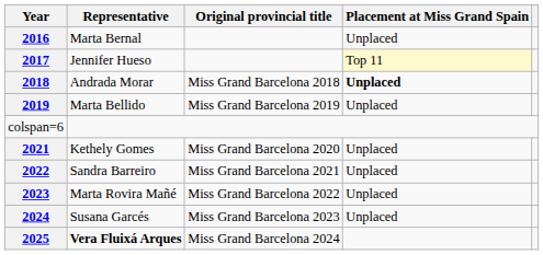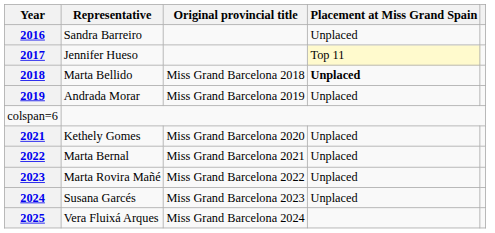 <table class="wikitable defaultcenter col2left" style="font-size:95%;">
 <tr>
 <th>Year</th>
 <th>Representative</th>
 <th>Original provincial title</th>
 <th>Placement at Miss Grand Spain</th>
 <th></th>
 </tr>
 <tr>
 <th><a href='#'>2016</a></th>
-<td>Marta Bernal</td>
+<td>Sandra Barreiro</td>
 <td></td>
 <td>Unplaced</td>
 <td></td>
 </tr>
 <tr>
 <th><a href='#'>2017</a></th>
 <td>Jennifer Hueso</td>
 <td></td>
 <td bgcolor=#FFFACD>Top 11</td>
 <td></td>
 </tr>
 <tr>
 <th><a href='#'>2018</a></th>
-<td>Andrada Morar</td>
+<td>Marta Bellido</td>
 <td>Miss Grand Barcelona 2018</td>
 <td><strong>Unplaced</strong></td>
 <td></td>
 </tr>
 <tr>
 <th><a href='#'>2019</a></th>
-<td>Marta Bellido</td>
+<td>Andrada Morar</td>
 <td>Miss Grand Barcelona 2019</td>
 <td>Unplaced</td>
 <td></td>
 </tr>
 <tr>
 <td>colspan=6 </td>
 </tr>
 <tr>
 <th><a href='#'>2021</a></th>
 <td>Kethely Gomes</td>
 <td>Miss Grand Barcelona 2020</td>
 <td>Unplaced</td>
 <td></td>
 </tr>
 <tr>
 <th><a href='#'>2022</a></th>
-<td>Sandra Barreiro</td>
+<td>Marta Bernal</td>
 <td>Miss Grand Barcelona 2021</td>
 <td>Unplaced</td>
 <td></td>
 </tr>
 <tr>
 <th><a href='#'>2023</a></th>
 <td>Marta Rovira Mañé</td>
 <td>Miss Grand Barcelona 2022</td>
 <td>Unplaced</td>
 <td></td>
 </tr>
 <tr>
 <th><a href='#'>2024</a></th>
 <td>Susana Garcés</td>
 <td>Miss Grand Barcelona 2023</td>
 <td>Unplaced</td>
 <td></td>
 </tr>
 <tr>
 <th><a href='#'>2025</a></th>
-<td><strong>Vera Fluixá Arques</strong></td>
+<td>Vera Fluixá Arques</td>
 <td>Miss Grand Barcelona 2024</td>
 <td></td>
 <td></td>
 </tr>
 </table>
